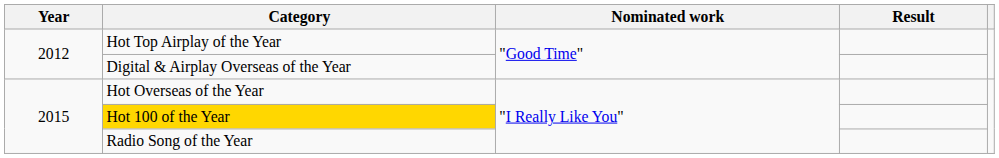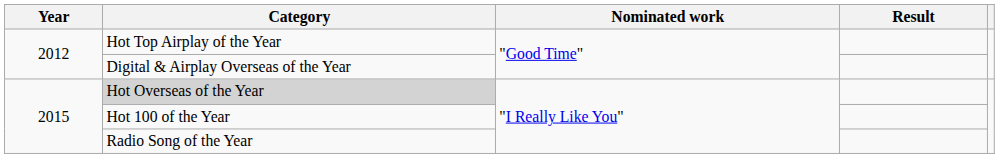 <table width="80%" class="wikitable">
 <tr>
 <th style="width:10%;">Year</th>
 <th style="width:40%;">Category</th>
 <th style="width:35%;">Nominated work</th>
 <th style="width:15%;">Result</th>
 <th></th>
 </tr>
 <tr>
 <td rowspan="2" style="text-align:center;">2012</td>
 <td>Hot Top Airplay of the Year</td>
 <td rowspan="2">"<a href='#'>Good Time</a>"</td>
 <td></td>
 <td rowspan="2" style="text-align:center;"></td>
 </tr>
 <tr>
 <td>Digital & Airplay Overseas of the Year</td>
 <td></td>
 </tr>
 <tr>
 <td style="text-align:center;" rowspan="3">2015</td>
-<td>Hot Overseas of the Year</td>
+<td style="background: lightgrey;">Hot Overseas of the Year</td>
 <td rowspan=3>"<a href='#'>I Really Like You</a>"</td>
 <td></td>
 <td style="text-align:center;" rowspan=3></td>
 </tr>
 <tr>
-<td style="background: gold;">Hot 100 of the Year</td>
+<td>Hot 100 of the Year</td>
 <td></td>
 </tr>
 <tr>
 <td>Radio Song of the Year</td>
 <td></td>
 </tr>
 </table>
